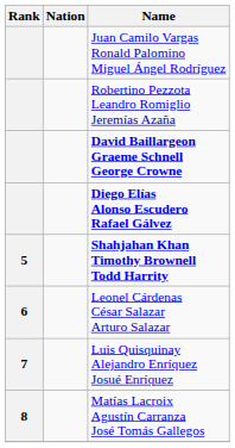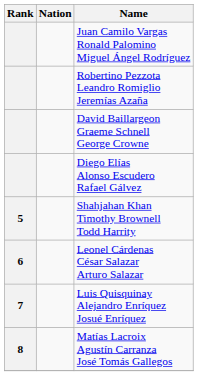 <table class="wikitable sortable" style="text-align:center">
 <tr>
 <th>Rank</th>
 <th>Nation</th>
 <th>Name</th>
 </tr>
 <tr>
 <th></th>
 <td align=left></td>
 <td align=left><a href='#'>Juan Camilo Vargas</a><br><a href='#'>Ronald Palomino</a><br><a href='#'>Miguel Ángel Rodríguez</a></td>
 </tr>
 <tr>
 <th></th>
 <td align=left></td>
 <td align=left><a href='#'>Robertino Pezzota</a><br><a href='#'>Leandro Romiglio</a><br><a href='#'>Jeremías Azaña</a></td>
 </tr>
 <tr>
 <th></th>
 <td align=left></td>
-<td align=left><strong><a href='#'>David Baillargeon</a><br><a href='#'>Graeme Schnell</a><br><a href='#'>George Crowne</a></strong></td>
+<td align=left><a href='#'>David Baillargeon</a><br><a href='#'>Graeme Schnell</a><br><a href='#'>George Crowne</a></td>
 </tr>
 <tr>
 <th></th>
 <td align=left></td>
-<td align=left><strong><a href='#'>Diego Elías</a><br><a href='#'>Alonso Escudero</a><br><a href='#'>Rafael Gálvez</a></strong></td>
+<td align=left><a href='#'>Diego Elías</a><br><a href='#'>Alonso Escudero</a><br><a href='#'>Rafael Gálvez</a></td>
 </tr>
 <tr>
 <th>5</th>
 <td align=left></td>
-<td align=left><strong><a href='#'>Shahjahan Khan</a><br><a href='#'>Timothy Brownell</a><br><a href='#'>Todd Harrity</a></strong></td>
+<td align=left><a href='#'>Shahjahan Khan</a><br><a href='#'>Timothy Brownell</a><br><a href='#'>Todd Harrity</a></td>
 </tr>
 <tr>
 <th>6</th>
 <td align=left></td>
 <td align=left><a href='#'>Leonel Cárdenas</a><br><a href='#'>César Salazar</a><br><a href='#'>Arturo Salazar</a></td>
 </tr>
 <tr>
 <th>7</th>
 <td align=left></td>
 <td align=left><a href='#'>Luis Quisquinay</a><br><a href='#'>Alejandro Enríquez</a><br><a href='#'>Josué Enríquez</a></td>
 </tr>
 <tr>
 <th>8</th>
 <td align=left></td>
 <td align=left><a href='#'>Matías Lacroix</a><br><a href='#'>Agustín Carranza</a><br><a href='#'>José Tomás Gallegos</a></td>
 </tr>
 <tr>
 </tr>
 </table>
